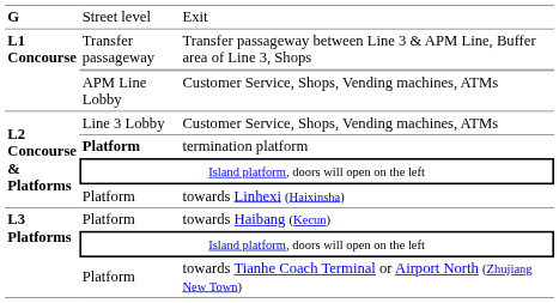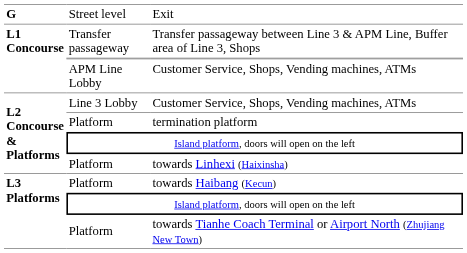 <table table border=0 cellspacing=0 cellpadding=3>
 <tr>
 <td style="border-top:solid 1px gray;" width=50 valign=top><strong>G</strong></td>
 <td style="border-top:solid 1px gray;" width=100 valign=top>Street level</td>
 <td style="border-top:solid 1px gray;" width=390 valign=top>Exit</td>
 </tr>
 <tr>
 <td style="border-bottom:solid 1px gray; border-top:solid 1px gray;" valign=top width=50 rowspan=2><strong>L1<br>Concourse</strong></td>
 <td style="border-bottom:solid 1px gray; border-top:solid 1px gray;" valign=top width=100>Transfer passageway</td>
 <td style="border-bottom:solid 1px gray; border-top:solid 1px gray;" valign=top width=390>Transfer passageway between Line 3 & APM Line, Buffer area of Line 3, Shops</td>
 </tr>
 <tr>
 <td style="border-bottom:solid 1px gray; border-top:solid 1px gray;" valign=top width=100>APM Line Lobby</td>
 <td style="border-bottom:solid 1px gray; border-top:solid 1px gray;" valign=top width=390>Customer Service, Shops, Vending machines, ATMs</td>
 </tr>
 <tr>
 <td style="border-bottom:solid 1px gray;" rowspan="4"><strong>L2<br>Concourse & Platforms</strong></td>
 <td style="border-bottom:solid 0.5px gray;">Line 3 Lobby</td>
 <td style="border-bottom:solid 0.5px gray;">Customer Service, Shops, Vending machines, ATMs</td>
 </tr>
 <tr>
-<td><strong>Platform </strong></td>
+<td>Platform </td>
 <td> termination platform</td>
 </tr>
 <tr>
 <td style="border-right:solid 2px black;border-left:solid 2px black;border-top:solid 2px black;border-bottom:solid 2px black;text-align:center;" colspan=2><small><a href='#'>Island platform</a>, doors will open on the left</small></td>
 </tr>
 <tr>
 <td style="border-bottom:solid 1px gray;">Platform </td>
 <td style="border-bottom:solid 1px gray;"> towards <a href='#'>Linhexi</a> <small>(<a href='#'>Haixinsha</a>)</small> </td>
 </tr>
 <tr>
 <td style="border-bottom:solid 1px gray;" width=50 valign=top rowspan="3"><strong>L3<br>Platforms</strong></td>
 <td>Platform </td>
 <td>  towards <a href='#'>Haibang</a> <small>(<a href='#'>Kecun</a>)</small></td>
 </tr>
 <tr>
 <td style="border-right:solid 2px black;border-left:solid 2px black;border-top:solid 2px black;border-bottom:solid 2px black;text-align:center;" colspan=2><small><a href='#'>Island platform</a>, doors will open on the left</small></td>
 </tr>
 <tr>
 <td style="border-bottom:solid 1px gray;">Platform </td>
 <td style="border-bottom:solid 1px gray;"> towards <a href='#'>Tianhe Coach Terminal</a> or <a href='#'>Airport North</a> <small>(<a href='#'>Zhujiang New Town</a>)</small> </td>
 </tr>
 </table>
